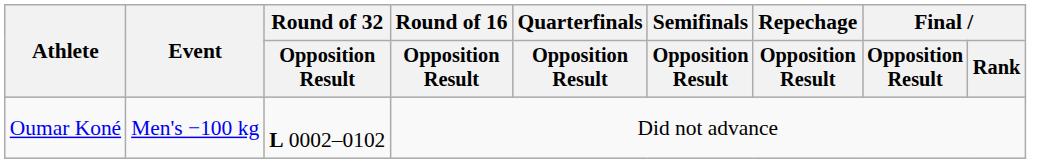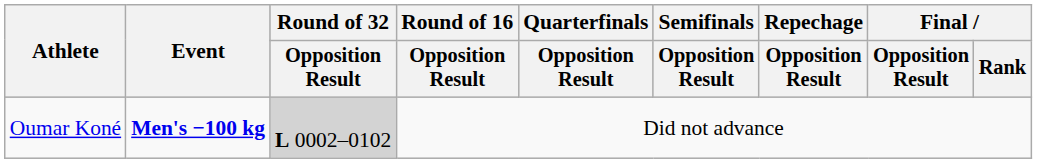 <table class="wikitable" style="font-size:90%">
 <tr>
 <th rowspan=2>Athlete</th>
 <th rowspan=2>Event</th>
 <th>Round of 32</th>
 <th>Round of 16</th>
 <th>Quarterfinals</th>
 <th>Semifinals</th>
 <th>Repechage</th>
 <th colspan=2>Final / </th>
 </tr>
 <tr style="font-size:95%">
 <th>Opposition<br>Result</th>
 <th>Opposition<br>Result</th>
 <th>Opposition<br>Result</th>
 <th>Opposition<br>Result</th>
 <th>Opposition<br>Result</th>
 <th>Opposition<br>Result</th>
 <th>Rank</th>
 </tr>
 <tr align=center>
 <td align=left><a href='#'>Oumar Koné</a></td>
-<td align=left><a href='#'>Men's −100 kg</a></td>
-<td><br><strong>L</strong> 0002–0102</td>
+<td align=left><strong><a href='#'>Men's −100 kg</a></strong></td>
+<td style="background: lightgrey;"><br><strong>L</strong> 0002–0102</td>
 <td colspan=6>Did not advance</td>
 </tr>
 </table>
